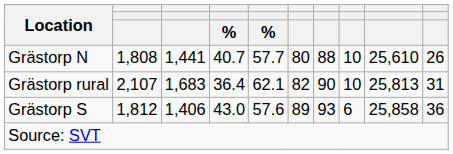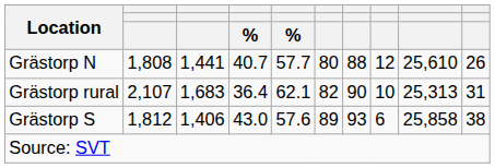 <table role="presentation" class="wikitable sortable mw-collapsible">
 <tr>
 <th rowspan="3">Location</th>
 <th></th>
 <th></th>
 <th></th>
 <th></th>
 <th></th>
 <th></th>
 <th></th>
 <th></th>
 <th></th>
 </tr>
 <tr>
 <th></th>
 <th></th>
 <th style="background:"></th>
 <th style="background:"></th>
 <th></th>
 <th></th>
 <th></th>
 <th></th>
 <th></th>
 </tr>
 <tr>
 <th data-sort-type="number"></th>
 <th data-sort-type="number"></th>
 <th data-sort-type="number">%</th>
 <th data-sort-type="number">%</th>
 <th data-sort-type="number"></th>
 <th data-sort-type="number"></th>
 <th data-sort-type="number"></th>
 <th data-sort-type="number"></th>
 <th data-sort-type="number"></th>
 </tr>
 <tr>
 <td align="left">Grästorp N</td>
 <td>1,808</td>
 <td>1,441</td>
 <td>40.7</td>
 <td>57.7</td>
 <td>80</td>
 <td>88</td>
-<td>10</td>
+<td>12</td>
 <td>25,610</td>
 <td>26</td>
 </tr>
 <tr>
 <td align="left">Grästorp rural</td>
 <td>2,107</td>
 <td>1,683</td>
 <td>36.4</td>
 <td>62.1</td>
 <td>82</td>
 <td>90</td>
 <td>10</td>
-<td>25,813</td>
+<td>25,313</td>
 <td>31</td>
 </tr>
 <tr>
 <td align="left">Grästorp S</td>
 <td>1,812</td>
 <td>1,406</td>
 <td>43.0</td>
 <td>57.6</td>
 <td>89</td>
 <td>93</td>
 <td>6</td>
 <td>25,858</td>
-<td>36</td>
+<td>38</td>
 </tr>
 <tr>
 <td colspan="10" align="left">Source: <a href='#'>SVT</a></td>
 </tr>
 </table>
